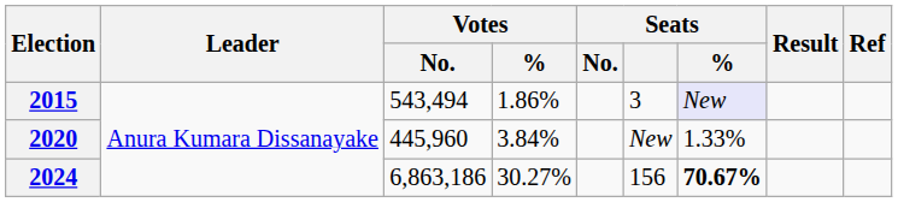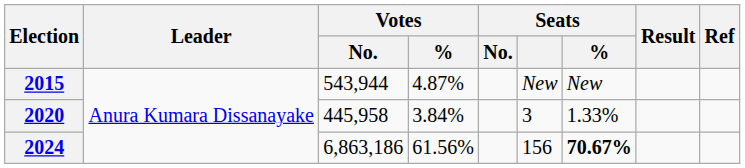 <table class="sortable wikitable">
 <tr>
 <th rowspan=2 style="background-color:">Election</th>
 <th rowspan=2 style="background-color:">Leader</th>
 <th colspan=2 style="background-color:">Votes</th>
 <th colspan=3 style="background-color:">Seats</th>
 <th rowspan=2 style="background-color:">Result</th>
 <th rowspan=2 style="background-color:">Ref</th>
 </tr>
 <tr>
 <th style="background-color:">No.</th>
 <th style="background-color:">%</th>
 <th style="background-color:">No.</th>
 <th style="background-color:"></th>
 <th style="background-color:">%</th>
 </tr>
 <tr>
 <th><a href='#'>2015</a></th>
 <td rowspan="3"><a href='#'>Anura Kumara Dissanayake</a></td>
-<td>543,494</td>
-<td>1.86%</td>
+<td>543,944</td>
+<td>4.87%</td>
 <td></td>
-<td> 3</td>
-<td style="background: lavender;"><em>New</em></td>
+<td><em>New</em></td>
+<td><em>New</em></td>
 <td></td>
 <td></td>
 </tr>
 <tr>
 <th><a href='#'>2020</a></th>
-<td>445,960</td>
+<td>445,958</td>
 <td>3.84%</td>
 <td></td>
-<td><em>New</em></td>
+<td> 3</td>
 <td>1.33%</td>
 <td></td>
 <td></td>
 </tr>
 <tr>
 <th><a href='#'>2024</a></th>
 <td>6,863,186</td>
-<td>30.27%</td>
+<td>61.56%</td>
 <td></td>
 <td> 156</td>
 <td><strong>70.67%</strong></td>
 <td></td>
 <td></td>
 </tr>
 </table>
